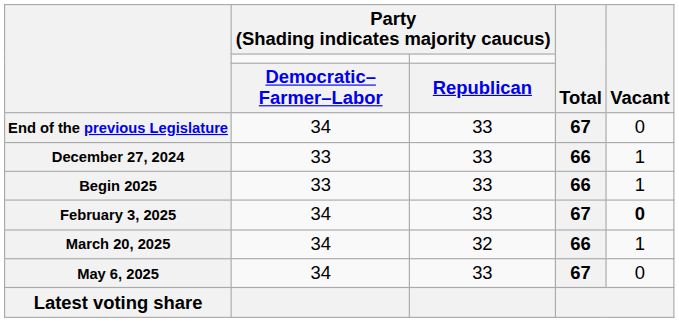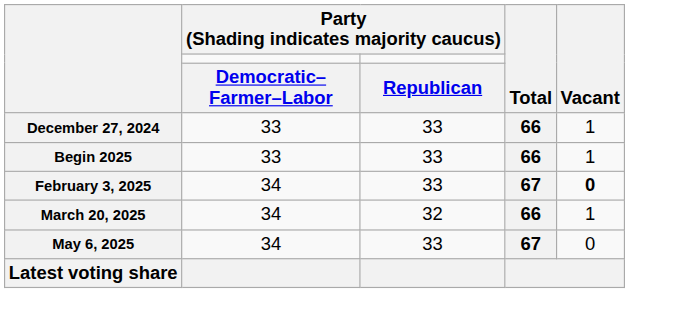 <table class=wikitable style="text-align:center">
 <tr style="vertical-align:bottom;">
 <th rowspan=3></th>
 <th colspan=2>Party <div>(Shading indicates majority caucus)</div></th>
 <th rowspan=3>Total</th>
 <th rowspan=3>Vacant</th>
 </tr>
 <tr>
 <td style="background-color:"></td>
 <td style="background-color:"></td>
 </tr>
 <tr>
 <th><a href='#'>Democratic–<br>Farmer–Labor</a></th>
 <th><a href='#'>Republican</a></th>
-</tr>
-<tr>
-<th nowrap style="font-size:80%">End of the <a href='#'>previous Legislature</a></th>
-<td>34</td>
-<td>33</td>
-<th>67</th>
-<td>0</td>
 </tr>
 <tr>
 <th nowrap style="font-size:80%">December 27, 2024</th>
 <td>33</td>
 <td>33</td>
 <th>66</th>
 <td>1</td>
 </tr>
 <tr>
 <th nowrap style="font-size:80%">Begin 2025</th>
 <td>33</td>
 <td>33</td>
 <th>66</th>
 <td>1</td>
 </tr>
 <tr>
 <th nowrap style="font-size:80%">February 3, 2025</th>
 <td>34</td>
 <td>33</td>
 <th>67</th>
 <td><strong>0</strong></td>
 </tr>
 <tr>
 <th nowrap style="font-size:80%">March 20, 2025</th>
 <td>34</td>
 <td>32</td>
 <th>66</th>
 <td>1</td>
 </tr>
 <tr>
 <th nowrap style="font-size:80%">May 6, 2025 </th>
 <td>34</td>
 <td>33</td>
 <th>67</th>
 <td>0</td>
 </tr>
 <tr>
 <th>Latest voting share</th>
 <th></th>
 <th></th>
 <th colspan="2"></th>
 </tr>
 </table>
